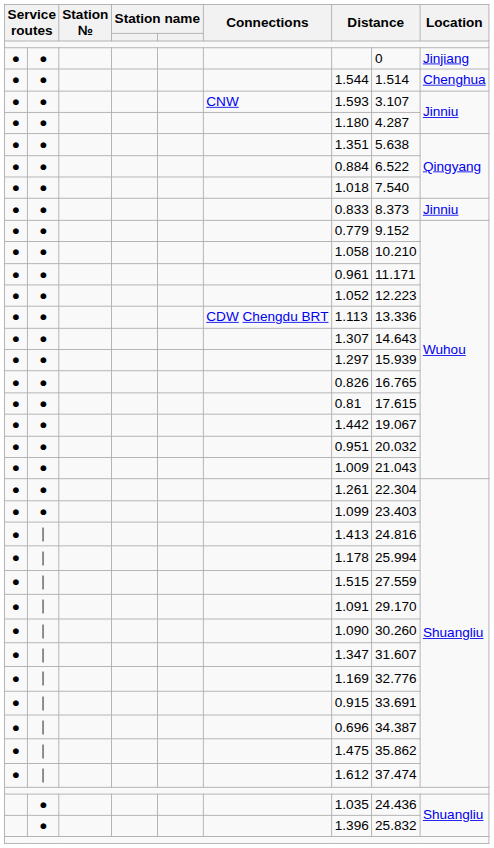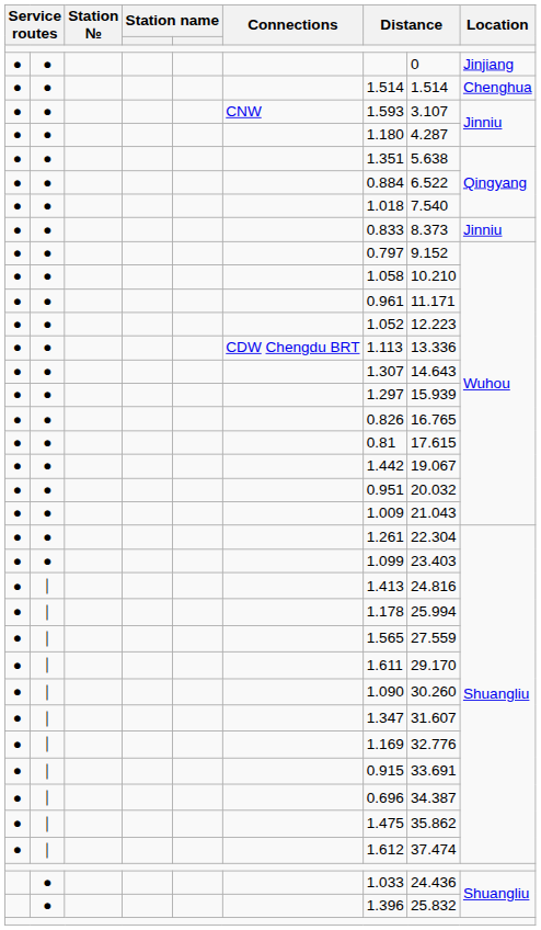 <table class="wikitable">
 <tr>
 <th rowspan="2" colspan="2">Service<br>routes</th>
 <th rowspan="2">Station<br>№</th>
 <th colspan="2">Station name</th>
 <th rowspan="2">Connections</th>
 <th colspan="2" rowspan="2">Distance<br></th>
 <th rowspan="2">Location</th>
 </tr>
 <tr>
 <th></th>
 <th></th>
 </tr>
 <tr style="background:#">
 <td colspan="9"></td>
 </tr>
 <tr>
 <td align="center">●</td>
 <td align="center">●</td>
 <td></td>
 <td></td>
 <td></td>
 <td> </td>
 <td></td>
 <td>0</td>
 <td rowspan="1"><a href='#'>Jinjiang</a></td>
 </tr>
 <tr>
 <td align="center">●</td>
 <td align="center">●</td>
 <td></td>
 <td></td>
 <td></td>
 <td></td>
-<td>1.544</td>
+<td>1.514</td>
 <td>1.514</td>
 <td rowspan="1"><a href='#'>Chenghua</a></td>
 </tr>
 <tr>
 <td align="center">●</td>
 <td align="center">●</td>
 <td></td>
 <td></td>
 <td></td>
 <td>   <a href='#'>CNW</a></td>
 <td>1.593</td>
 <td>3.107</td>
 <td rowspan="2"><a href='#'>Jinniu</a></td>
 </tr>
 <tr>
 <td align="center">●</td>
 <td align="center">●</td>
 <td></td>
 <td></td>
 <td></td>
 <td></td>
 <td>1.180</td>
 <td>4.287</td>
 </tr>
 <tr>
 <td align="center">●</td>
 <td align="center">●</td>
 <td></td>
 <td></td>
 <td></td>
 <td></td>
 <td>1.351</td>
 <td>5.638</td>
 <td rowspan="3"><a href='#'>Qingyang</a></td>
 </tr>
 <tr>
 <td align="center">●</td>
 <td align="center">●</td>
 <td></td>
 <td></td>
 <td></td>
 <td>  </td>
 <td>0.884</td>
 <td>6.522</td>
 </tr>
 <tr>
 <td align="center">●</td>
 <td align="center">●</td>
 <td></td>
 <td></td>
 <td></td>
 <td></td>
 <td>1.018</td>
 <td>7.540</td>
 </tr>
 <tr>
 <td align="center">●</td>
 <td align="center">●</td>
 <td></td>
 <td></td>
 <td></td>
 <td></td>
 <td>0.833</td>
 <td>8.373</td>
 <td rowspan="1"><a href='#'>Jinniu</a></td>
 </tr>
 <tr>
 <td align="center">●</td>
 <td align="center">●</td>
 <td></td>
 <td></td>
 <td></td>
 <td></td>
-<td>0.779</td>
+<td>0.797</td>
 <td>9.152</td>
 <td rowspan="12"><a href='#'>Wuhou</a></td>
 </tr>
 <tr>
 <td align="center">●</td>
 <td align="center">●</td>
 <td></td>
 <td></td>
 <td></td>
 <td> </td>
 <td>1.058</td>
 <td>10.210</td>
 </tr>
 <tr>
 <td align="center">●</td>
 <td align="center">●</td>
 <td></td>
 <td></td>
 <td></td>
 <td> </td>
 <td>0.961</td>
 <td>11.171</td>
 </tr>
 <tr>
 <td align="center">●</td>
 <td align="center">●</td>
 <td></td>
 <td></td>
 <td></td>
 <td></td>
 <td>1.052</td>
 <td>12.223</td>
 </tr>
 <tr>
 <td align="center">●</td>
 <td align="center">●</td>
 <td></td>
 <td></td>
 <td></td>
 <td>    <a href='#'>CDW</a>  <a href='#'>Chengdu BRT</a></td>
 <td>1.113</td>
 <td>13.336</td>
 </tr>
 <tr>
 <td align="center">●</td>
 <td align="center">●</td>
 <td></td>
 <td></td>
 <td></td>
 <td></td>
 <td>1.307</td>
 <td>14.643</td>
 </tr>
 <tr>
 <td align="center">●</td>
 <td align="center">●</td>
 <td></td>
 <td></td>
 <td></td>
 <td></td>
 <td>1.297</td>
 <td>15.939</td>
 </tr>
 <tr>
 <td align="center">●</td>
 <td align="center">●</td>
 <td></td>
 <td></td>
 <td></td>
 <td> </td>
 <td>0.826</td>
 <td>16.765</td>
 </tr>
 <tr>
 <td align="center">●</td>
 <td align="center">●</td>
 <td></td>
 <td></td>
 <td></td>
 <td></td>
 <td>0.81</td>
 <td>17.615</td>
 </tr>
 <tr>
 <td align="center">●</td>
 <td align="center">●</td>
 <td></td>
 <td></td>
 <td></td>
 <td></td>
 <td>1.442</td>
 <td>19.067</td>
 </tr>
 <tr>
 <td align="center">●</td>
 <td align="center">●</td>
 <td></td>
 <td></td>
 <td></td>
 <td></td>
 <td>0.951</td>
 <td>20.032</td>
 </tr>
 <tr>
 <td align="center">●</td>
 <td align="center">●</td>
 <td></td>
 <td></td>
 <td></td>
 <td></td>
 <td>1.009</td>
 <td>21.043</td>
 </tr>
 <tr>
 <td align="center">●</td>
 <td align="center">●</td>
 <td></td>
 <td></td>
 <td></td>
 <td></td>
 <td>1.261</td>
 <td>22.304</td>
 <td rowspan="13"><a href='#'>Shuangliu</a></td>
 </tr>
 <tr>
 <td align="center">●</td>
 <td align="center">●</td>
 <td></td>
 <td></td>
 <td></td>
 <td></td>
 <td>1.099</td>
 <td>23.403</td>
 </tr>
 <tr>
 <td align="center">●</td>
 <td align="center">｜</td>
 <td></td>
 <td></td>
 <td></td>
 <td></td>
 <td>1.413</td>
 <td>24.816</td>
 </tr>
 <tr>
 <td align="center">●</td>
 <td align="center">｜</td>
 <td></td>
 <td></td>
 <td></td>
 <td></td>
 <td>1.178</td>
 <td>25.994</td>
 </tr>
 <tr>
 <td align="center">●</td>
 <td align="center">｜</td>
 <td></td>
 <td></td>
 <td></td>
 <td></td>
-<td>1.515</td>
+<td>1.565</td>
 <td>27.559</td>
 </tr>
 <tr>
 <td align="center">●</td>
 <td align="center">｜</td>
 <td></td>
 <td></td>
 <td></td>
 <td></td>
-<td>1.091</td>
+<td>1.611</td>
 <td>29.170</td>
 </tr>
 <tr>
 <td align="center">●</td>
 <td align="center">｜</td>
 <td></td>
 <td></td>
 <td></td>
 <td></td>
 <td>1.090</td>
 <td>30.260</td>
 </tr>
 <tr>
 <td align="center">●</td>
 <td align="center">｜</td>
 <td></td>
 <td></td>
 <td></td>
 <td></td>
 <td>1.347</td>
 <td>31.607</td>
 </tr>
 <tr>
 <td align="center">●</td>
 <td align="center">｜</td>
 <td></td>
 <td></td>
 <td></td>
 <td></td>
 <td>1.169</td>
 <td>32.776</td>
 </tr>
 <tr>
 <td align="center">●</td>
 <td align="center">｜</td>
 <td></td>
 <td></td>
 <td></td>
 <td>  </td>
 <td>0.915</td>
 <td>33.691</td>
 </tr>
 <tr>
 <td align="center">●</td>
 <td align="center">｜</td>
 <td></td>
 <td></td>
 <td></td>
 <td></td>
 <td>0.696</td>
 <td>34.387</td>
 </tr>
 <tr>
 <td align="center">●</td>
 <td align="center">｜</td>
 <td></td>
 <td></td>
 <td></td>
 <td></td>
 <td>1.475</td>
 <td>35.862</td>
 </tr>
 <tr>
 <td align="center">●</td>
 <td align="center">｜</td>
 <td></td>
 <td></td>
 <td></td>
 <td></td>
 <td>1.612</td>
 <td>37.474</td>
 </tr>
 <tr style="background:#">
 <td colspan="9"></td>
 </tr>
 <tr>
 <td align="center"></td>
 <td align="center">●</td>
 <td></td>
 <td></td>
 <td></td>
 <td></td>
-<td>1.035</td>
+<td>1.033</td>
 <td>24.436</td>
 <td rowspan="2"><a href='#'>Shuangliu</a></td>
 </tr>
 <tr>
 <td align="center"></td>
 <td align="center">●</td>
 <td></td>
 <td></td>
 <td></td>
 <td></td>
 <td>1.396</td>
 <td>25.832</td>
 </tr>
 <tr style="background:#">
 <td colspan="9"></td>
 </tr>
 </table>
